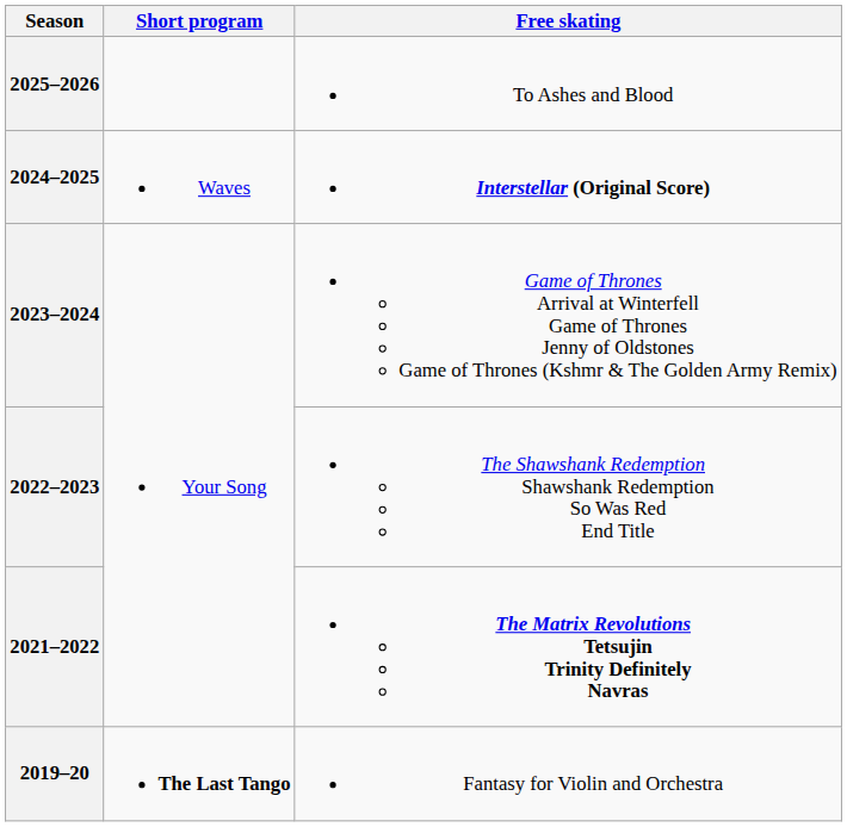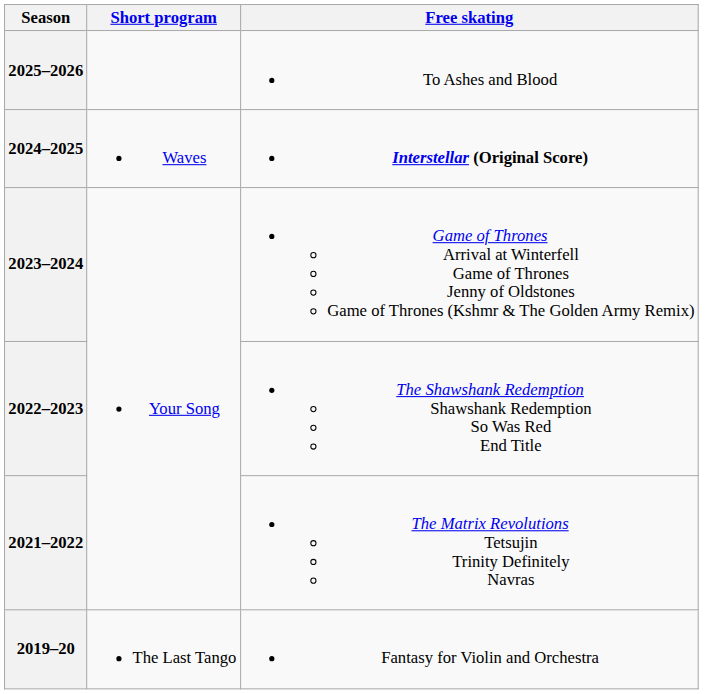 <table class=wikitable style=text-align:center>
 <tr>
 <th>Season</th>
 <th><a href='#'>Short program</a></th>
 <th><a href='#'>Free skating</a></th>
 </tr>
 <tr>
 <th>2025–2026 <br> </th>
 <td></td>
 <td><br><ul><li>To Ashes and Blood <br> </li></ul></td>
 </tr>
 <tr>
 <th>2024–2025 <br> </th>
 <td><br><ul><li><a href='#'>Waves</a> <br> </li></ul></td>
 <td><strong><br><ul><li><em><a href='#'>Interstellar</a></em> (Original Score) <br> </li></ul></strong></td>
 </tr>
 <tr>
 <th>2023–2024 <br> </th>
 <td rowspan=3><br><ul><li><a href='#'>Your Song</a> <br> </li></ul></td>
 <td><br><ul><li><em><a href='#'>Game of Thrones</a></em><ul><li>Arrival at Winterfell</li><li>Game of Thrones</li><li>Jenny of Oldstones</li><li>Game of Thrones (Kshmr & The Golden Army Remix) <br> </li></ul></li></ul></td>
 </tr>
 <tr>
 <th>2022–2023 <br> </th>
 <td><br><ul><li><em><a href='#'>The Shawshank Redemption</a></em><ul><li>Shawshank Redemption</li><li>So Was Red</li><li>End Title <br> </li></ul></li></ul></td>
 </tr>
 <tr>
 <th>2021–2022 <br> </th>
-<td><strong><br><ul><li><em><a href='#'>The Matrix Revolutions</a></em><ul><li>Tetsujin</li><li>Trinity Definitely</li><li>Navras <br></li></ul></li></ul></strong></td>
+<td><br><ul><li><em><a href='#'>The Matrix Revolutions</a></em><ul><li>Tetsujin</li><li>Trinity Definitely</li><li>Navras <br></li></ul></li></ul></td>
 </tr>
 <tr>
 <th>2019–20 <br> </th>
-<td><strong><br><ul><li>The Last Tango <br> </li></ul></strong></td>
+<td><br><ul><li>The Last Tango <br> </li></ul></td>
 <td><br><ul><li>Fantasy for Violin and Orchestra <br> </li></ul></td>
 </tr>
 </table>
